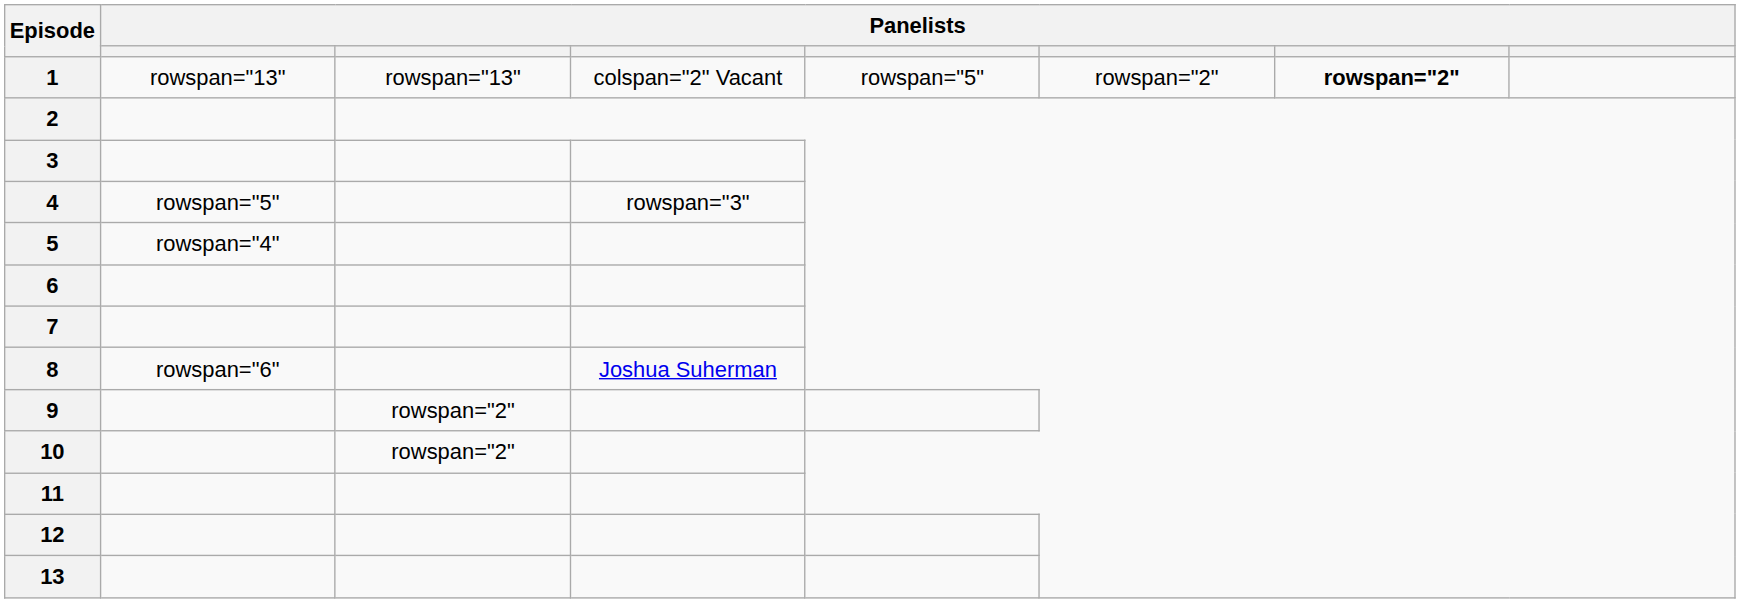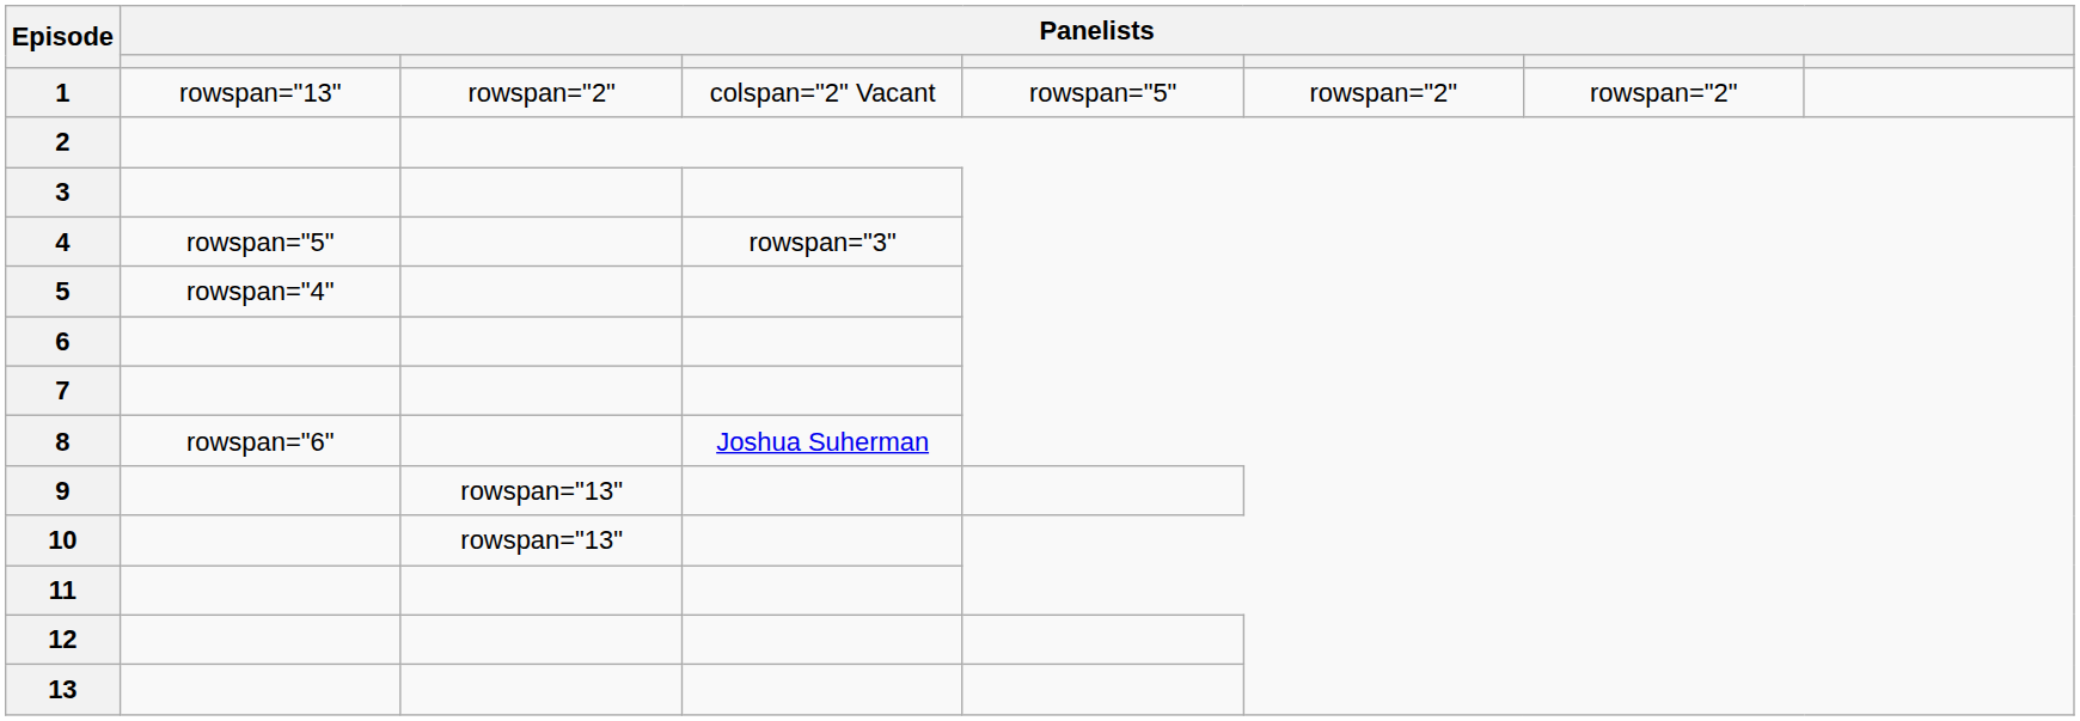 <table class="wikitable plainrowheaders mw-collapsible" style="text-align:center; line-height:23px; width:100%;">
 <tr>
 <th rowspan="2" width="1%">Episode</th>
 <th colspan="7">Panelists</th>
 </tr>
 <tr>
 <th width="14%"></th>
 <th width="14%"></th>
 <th width="14%"></th>
 <th width="14%"></th>
 <th width="14%"></th>
 <th width="14%"></th>
 <th width="14%"></th>
 </tr>
 <tr>
 <th>1</th>
 <td>rowspan="13" </td>
-<td>rowspan="13" </td>
+<td>rowspan="2" </td>
 <td>colspan="2"  Vacant</td>
 <td>rowspan="5" </td>
 <td>rowspan="2" </td>
-<td><strong>rowspan="2" </strong></td>
+<td>rowspan="2" </td>
 <td></td>
 </tr>
 <tr>
 <th>2</th>
 <td></td>
 </tr>
 <tr>
 <th>3</th>
 <td></td>
 <td></td>
 <td></td>
 </tr>
 <tr>
 <th>4</th>
 <td>rowspan="5" </td>
 <td></td>
 <td>rowspan="3" </td>
 </tr>
 <tr>
 <th>5</th>
 <td>rowspan="4" </td>
 <td></td>
 <td></td>
 </tr>
 <tr>
 <th>6</th>
 <td></td>
 <td></td>
 <td></td>
 </tr>
 <tr>
 <th>7</th>
 <td></td>
 <td></td>
 <td></td>
 </tr>
 <tr>
 <th>8</th>
 <td>rowspan="6" </td>
 <td></td>
 <td {{CGuest><a href='#'>Joshua Suherman</a></td>
 </tr>
 <tr>
 <th>9</th>
 <td></td>
-<td>rowspan="2" </td>
+<td>rowspan="13" </td>
 <td></td>
 <td></td>
 </tr>
 <tr>
 <th>10</th>
 <td></td>
-<td>rowspan="2" </td>
+<td>rowspan="13" </td>
 <td></td>
 </tr>
 <tr>
 <th>11</th>
 <td></td>
 <td></td>
 <td></td>
 </tr>
 <tr>
 <th>12</th>
 <td></td>
 <td></td>
 <td></td>
 <td></td>
 </tr>
 <tr>
 <th>13</th>
 <td></td>
 <td></td>
 <td></td>
 <td></td>
 </tr>
 </table>
